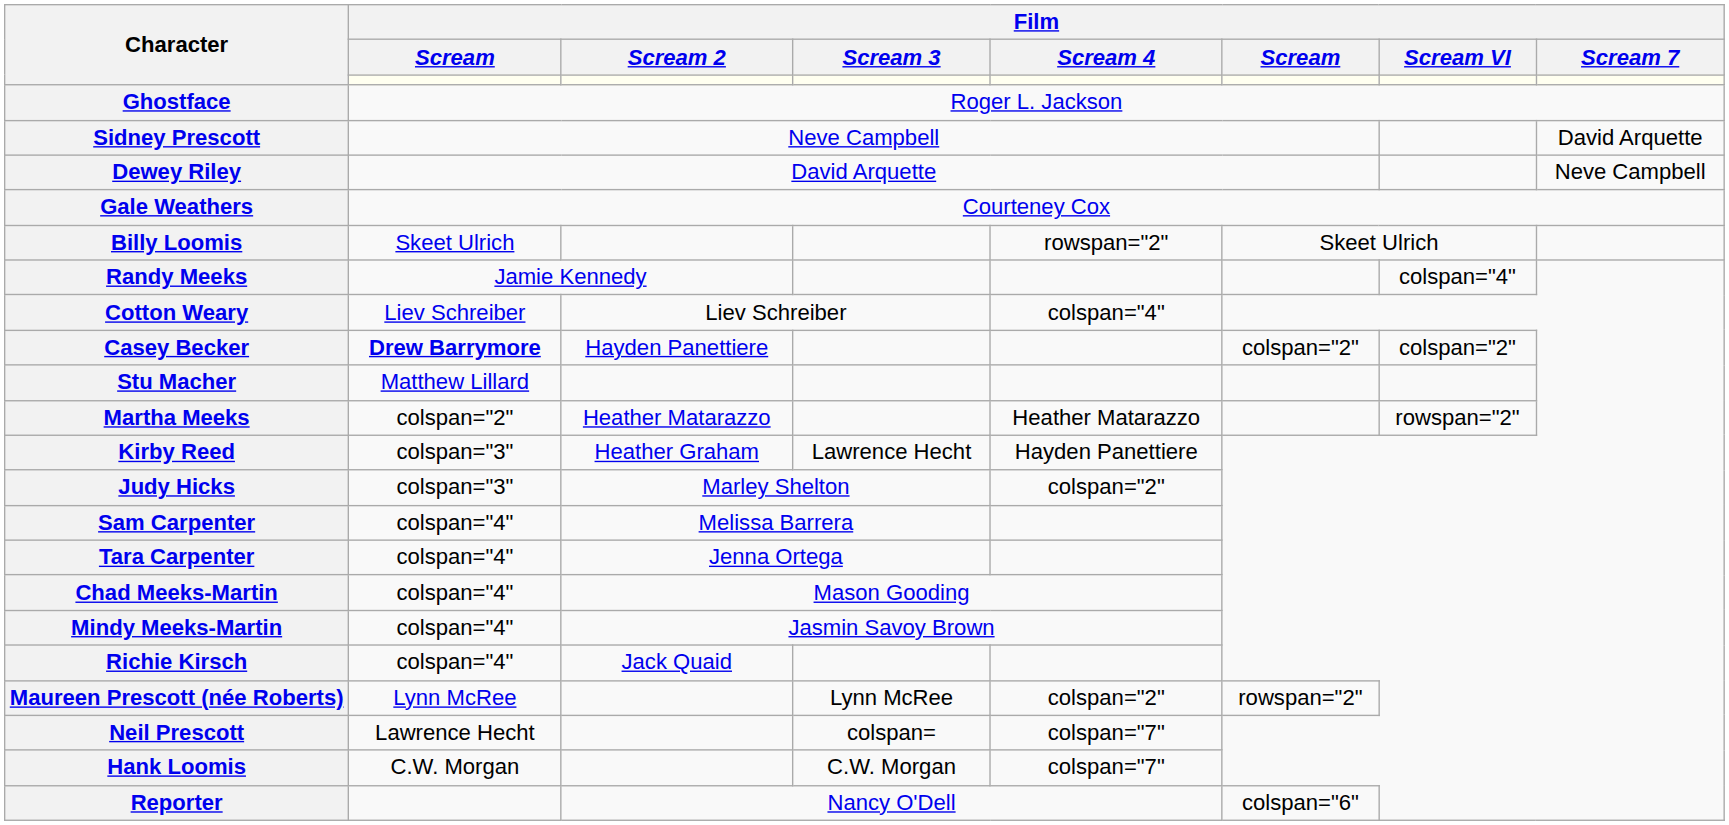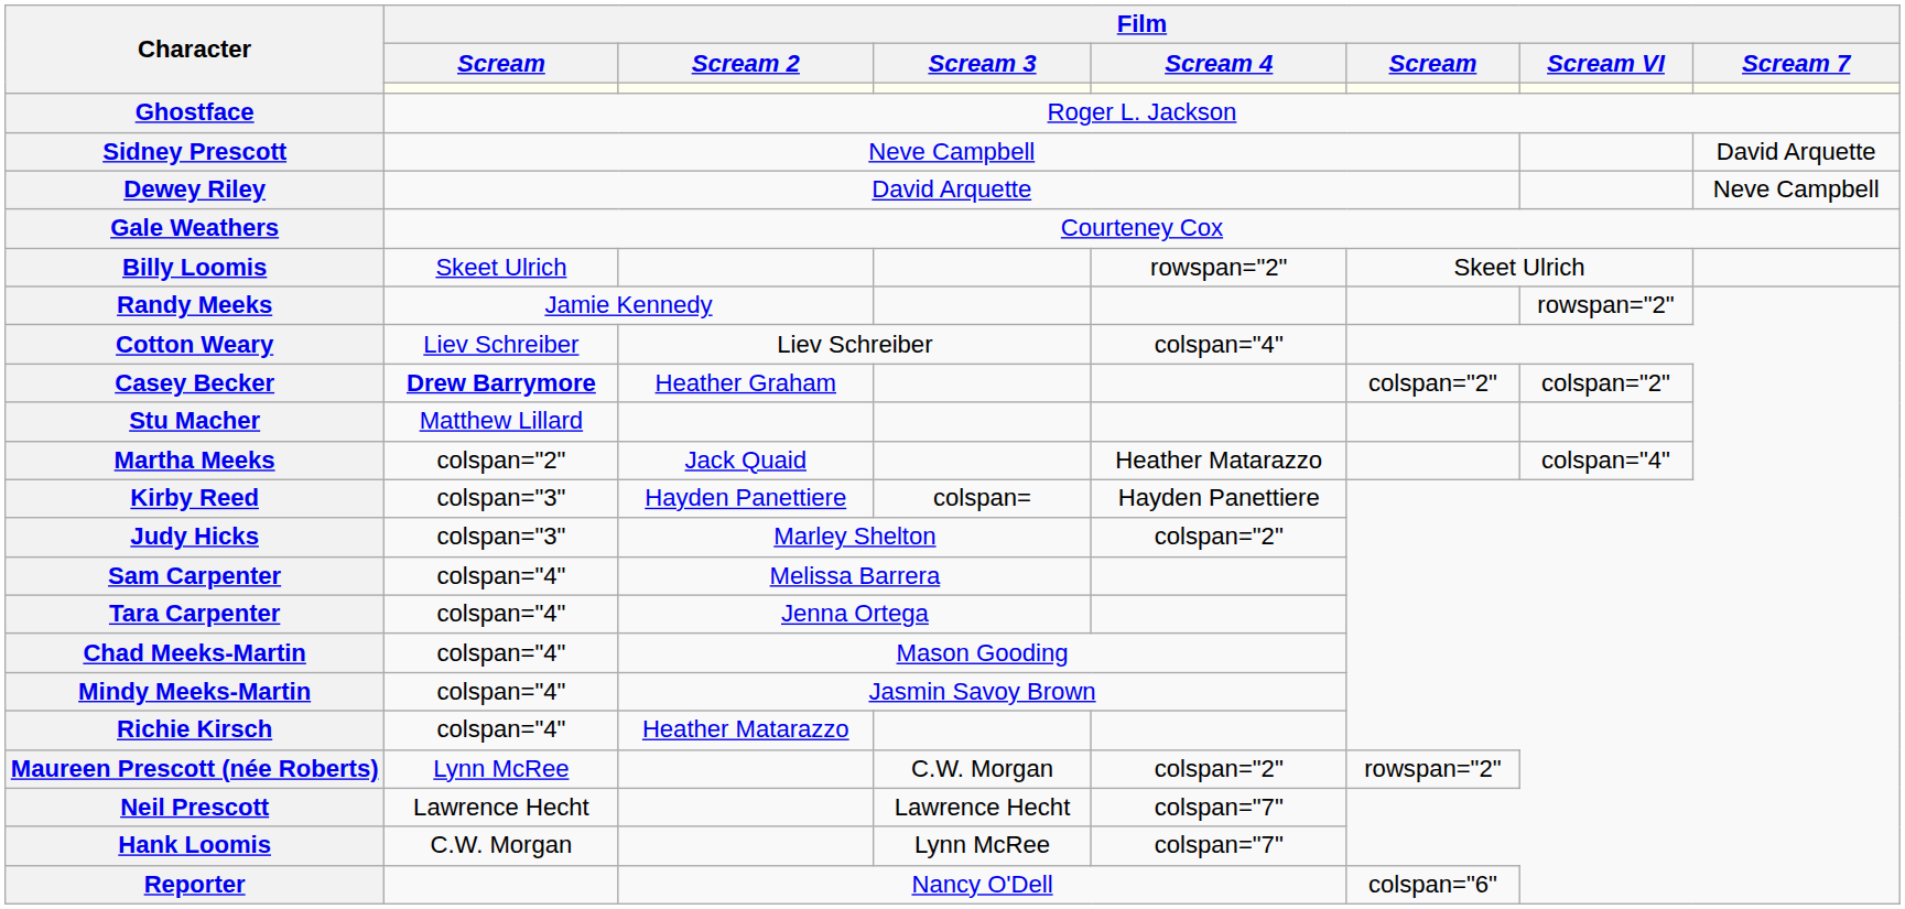 <table class="wikitable" style="text-align:center;">
 <tr>
 <th rowspan="3" style="width:20%;">Character</th>
 <th colspan="7" style="text-align:center;"><a href='#'>Film</a></th>
 </tr>
 <tr>
 <th style="text-align:center;"><em><a href='#'>Scream</a></em></th>
 <th style="text-align:center;"><em><a href='#'>Scream 2</a></em></th>
 <th style="text-align:center;"><em><a href='#'>Scream 3</a></em></th>
 <th style="text-align:center;"><em><a href='#'>Scream 4</a></em></th>
 <th style="text-align:center;"><em><a href='#'>Scream</a></em></th>
 <th style="text-align:center;"><em><a href='#'>Scream VI</a></em></th>
 <th style="text-align:center;"><em><a href='#'>Scream 7</a></em></th>
 </tr>
 <tr>
 <th style="background:ivory;"></th>
 <th style="background:ivory;"></th>
 <th style="background:ivory;"></th>
 <th style="background:ivory;"></th>
 <th style="background:ivory;"></th>
 <th style="background:ivory;"></th>
 <th style="background:ivory;"></th>
 </tr>
 <tr>
 <th><a href='#'>Ghostface</a></th>
 <td colspan="7"><a href='#'>Roger L. Jackson</a></td>
 </tr>
 <tr>
 <th><a href='#'>Sidney Prescott</a></th>
 <td colspan="5"><a href='#'>Neve Campbell</a></td>
 <td></td>
 <td colspan="1">David Arquette</td>
 </tr>
 <tr>
 <th><a href='#'>Dewey Riley</a></th>
 <td colspan="5"><a href='#'>David Arquette</a></td>
 <td></td>
 <td>Neve Campbell</td>
 </tr>
 <tr>
 <th><a href='#'>Gale Weathers</a></th>
 <td colspan="7"><a href='#'>Courteney Cox</a></td>
 </tr>
 <tr>
 <th><a href='#'>Billy Loomis</a></th>
 <td><a href='#'>Skeet Ulrich</a></td>
 <td></td>
 <td></td>
 <td>rowspan="2" </td>
 <td colspan="2">Skeet Ulrich</td>
 <td></td>
 </tr>
 <tr>
 <th><a href='#'>Randy Meeks</a></th>
 <td colspan="2"><a href='#'>Jamie Kennedy</a></td>
 <td></td>
 <td></td>
 <td></td>
-<td>colspan="4" </td>
+<td>rowspan="2" </td>
 </tr>
 <tr>
 <th><a href='#'>Cotton Weary</a></th>
 <td><a href='#'>Liev Schreiber</a></td>
 <td colspan="2">Liev Schreiber</td>
 <td>colspan="4" </td>
 </tr>
 <tr>
 <th><a href='#'>Casey Becker</a></th>
 <td><strong><a href='#'>Drew Barrymore</a></strong></td>
-<td colspan="1"><a href='#'>Hayden Panettiere</a></td>
+<td><a href='#'>Heather Graham</a></td>
 <td></td>
 <td></td>
 <td>colspan="2" </td>
 <td>colspan="2" </td>
 </tr>
 <tr>
 <th><a href='#'>Stu Macher</a></th>
 <td><a href='#'>Matthew Lillard</a></td>
 <td></td>
 <td></td>
 <td></td>
 <td><br></td>
 <td></td>
 </tr>
 <tr>
 <th><a href='#'>Martha Meeks</a></th>
 <td>colspan="2" </td>
-<td><a href='#'>Heather Matarazzo</a></td>
+<td><a href='#'>Jack Quaid</a></td>
 <td></td>
 <td>Heather Matarazzo</td>
 <td></td>
-<td>rowspan="2" </td>
+<td>colspan="4" </td>
 </tr>
 <tr>
 <th><a href='#'>Kirby Reed</a></th>
 <td>colspan="3" </td>
-<td><a href='#'>Heather Graham</a></td>
-<td>Lawrence Hecht</td>
+<td colspan="1"><a href='#'>Hayden Panettiere</a></td>
+<td>colspan= </td>
 <td colspan="1">Hayden Panettiere</td>
 </tr>
 <tr>
 <th><a href='#'>Judy Hicks</a></th>
 <td>colspan="3" </td>
 <td colspan="2"><a href='#'>Marley Shelton</a></td>
 <td>colspan="2" </td>
 </tr>
 <tr>
 <th><a href='#'>Sam Carpenter</a></th>
 <td>colspan="4" </td>
 <td colspan="2"><a href='#'>Melissa Barrera</a></td>
 <td></td>
 </tr>
 <tr>
 <th><a href='#'>Tara Carpenter</a></th>
 <td>colspan="4" </td>
 <td colspan="2"><a href='#'>Jenna Ortega</a></td>
 <td></td>
 </tr>
 <tr>
 <th><a href='#'>Chad Meeks-Martin</a></th>
 <td>colspan="4" </td>
 <td colspan="3"><a href='#'>Mason Gooding</a></td>
 </tr>
 <tr>
 <th><a href='#'>Mindy Meeks-Martin</a></th>
 <td>colspan="4" </td>
 <td colspan="3"><a href='#'>Jasmin Savoy Brown</a></td>
 </tr>
 <tr>
 <th><a href='#'>Richie Kirsch</a></th>
 <td>colspan="4" </td>
-<td><a href='#'>Jack Quaid</a></td>
+<td><a href='#'>Heather Matarazzo</a></td>
 <td></td>
 <td></td>
 </tr>
 <tr>
 <th><a href='#'>Maureen Prescott (née Roberts)</a></th>
 <td colspan="1"><a href='#'>Lynn McRee</a></td>
 <td></td>
-<td>Lynn McRee</td>
+<td>C.W. Morgan</td>
 <td>colspan="2" </td>
 <td>rowspan="2" </td>
 </tr>
 <tr>
 <th><a href='#'>Neil Prescott</a></th>
 <td>Lawrence Hecht</td>
 <td></td>
-<td>colspan= </td>
+<td>Lawrence Hecht</td>
 <td>colspan="7" </td>
 </tr>
 <tr>
 <th><a href='#'>Hank Loomis</a></th>
 <td>C.W. Morgan</td>
 <td></td>
-<td>C.W. Morgan</td>
+<td>Lynn McRee</td>
 <td>colspan="7" </td>
 </tr>
 <tr>
 <th><a href='#'>Reporter</a></th>
 <td></td>
 <td colspan="3"><a href='#'>Nancy O'Dell</a></td>
 <td>colspan="6" </td>
 </tr>
 </table>
